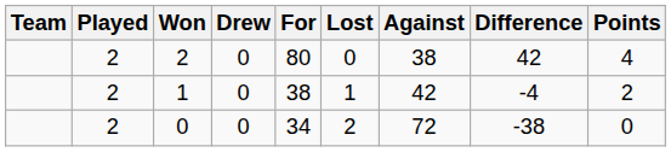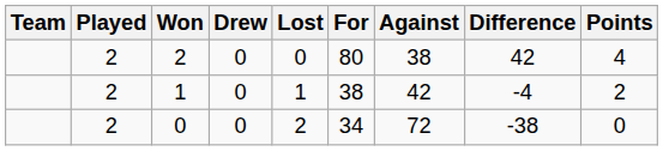 <table class="wikitable" style="text-align:center">
 <tr>
 <th>Team</th>
 <th>Played</th>
 <th>Won</th>
 <th>Drew</th>
+<th>Lost</th>
 <th>For</th>
-<th>Lost</th>
 <th>Against</th>
 <th>Difference</th>
 <th>Points</th>
 </tr>
 <tr>
 <td align=left></td>
 <td>2</td>
 <td>2</td>
 <td>0</td>
+<td>0</td>
 <td>80</td>
-<td>0</td>
 <td>38</td>
 <td>42</td>
 <td>4</td>
 </tr>
 <tr>
 <td align=left></td>
 <td>2</td>
 <td>1</td>
 <td>0</td>
+<td>1</td>
 <td>38</td>
-<td>1</td>
 <td>42</td>
 <td>-4</td>
 <td>2</td>
 </tr>
 <tr>
 <td align=left></td>
 <td>2</td>
 <td>0</td>
 <td>0</td>
+<td>2</td>
 <td>34</td>
-<td>2</td>
 <td>72</td>
 <td>-38</td>
 <td>0</td>
 </tr>
 </table>
